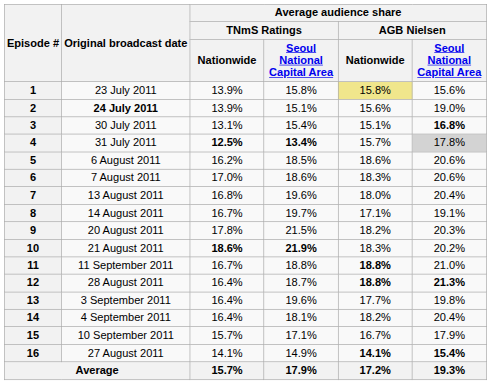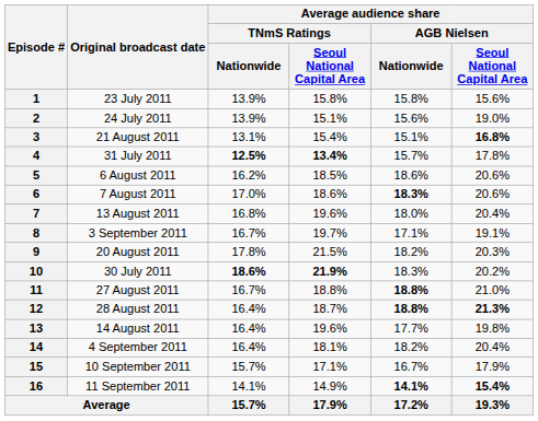 <table class=wikitable style="text-align:center">
 <tr>
 <th rowspan="3">Episode #</th>
 <th rowspan="3">Original broadcast date</th>
 <th colspan="4">Average audience share</th>
 </tr>
 <tr>
 <th colspan="2">TNmS Ratings</th>
 <th colspan="2">AGB Nielsen</th>
 </tr>
 <tr>
 <th width=100>Nationwide</th>
 <th width=100><a href='#'>Seoul National Capital Area</a></th>
 <th width=100>Nationwide</th>
 <th width=100><a href='#'>Seoul National Capital Area</a></th>
 </tr>
 <tr>
 <th>1</th>
 <td>23 July 2011</td>
 <td>13.9%</td>
 <td>15.8%</td>
-<td style="background: khaki;">15.8%</td>
+<td>15.8%</td>
 <td>15.6%</td>
 </tr>
 <tr>
 <th>2</th>
-<td><strong>24 July 2011</strong></td>
+<td>24 July 2011</td>
 <td>13.9%</td>
 <td>15.1%</td>
 <td>15.6%</td>
 <td>19.0%</td>
 </tr>
 <tr>
 <th>3</th>
-<td>30 July 2011</td>
+<td>21 August 2011</td>
 <td>13.1%</td>
 <td>15.4%</td>
 <td>15.1%</td>
 <td><strong>16.8%</strong></td>
 </tr>
 <tr>
 <th>4</th>
 <td>31 July 2011</td>
 <td><span><strong>12.5%</strong></span></td>
 <td><span><strong>13.4%</strong></span></td>
 <td>15.7%</td>
-<td style="background: lightgrey;">17.8%</td>
+<td>17.8%</td>
 </tr>
 <tr>
 <th>5</th>
 <td>6 August 2011</td>
 <td>16.2%</td>
 <td>18.5%</td>
 <td>18.6%</td>
 <td>20.6%</td>
 </tr>
 <tr>
 <th>6</th>
 <td>7 August 2011</td>
 <td>17.0%</td>
 <td>18.6%</td>
-<td>18.3%</td>
+<td><strong>18.3%</strong></td>
 <td>20.6%</td>
 </tr>
 <tr>
 <th>7</th>
 <td>13 August 2011</td>
 <td>16.8%</td>
 <td>19.6%</td>
 <td>18.0%</td>
 <td>20.4%</td>
 </tr>
 <tr>
 <th>8</th>
-<td>14 August 2011</td>
+<td>3 September 2011</td>
 <td>16.7%</td>
 <td>19.7%</td>
 <td>17.1%</td>
 <td>19.1%</td>
 </tr>
 <tr>
 <th>9</th>
 <td>20 August 2011</td>
 <td>17.8%</td>
 <td>21.5%</td>
 <td>18.2%</td>
 <td>20.3%</td>
 </tr>
 <tr>
 <th>10</th>
-<td>21 August 2011</td>
+<td>30 July 2011</td>
 <td><span><strong>18.6%</strong></span></td>
 <td><span><strong>21.9%</strong></span></td>
 <td>18.3%</td>
 <td>20.2%</td>
 </tr>
 <tr>
 <th>11</th>
-<td>11 September 2011</td>
+<td>27 August 2011</td>
 <td>16.7%</td>
 <td>18.8%</td>
 <td><span><strong>18.8%</strong></span></td>
 <td>21.0%</td>
 </tr>
 <tr>
 <th>12</th>
 <td>28 August 2011</td>
 <td>16.4%</td>
 <td>18.7%</td>
 <td><span><strong>18.8%</strong></span></td>
 <td><span><strong>21.3%</strong></span></td>
 </tr>
 <tr>
 <th>13</th>
-<td>3 September 2011</td>
+<td>14 August 2011</td>
 <td>16.4%</td>
 <td>19.6%</td>
 <td>17.7%</td>
 <td>19.8%</td>
 </tr>
 <tr>
 <th>14</th>
 <td>4 September 2011</td>
 <td>16.4%</td>
 <td>18.1%</td>
 <td>18.2%</td>
 <td>20.4%</td>
 </tr>
 <tr>
 <th>15</th>
 <td>10 September 2011</td>
 <td>15.7%</td>
 <td>17.1%</td>
 <td>16.7%</td>
 <td>17.9%</td>
 </tr>
 <tr>
 <th>16</th>
-<td>27 August 2011</td>
+<td>11 September 2011</td>
 <td>14.1%</td>
 <td>14.9%</td>
 <td><span><strong>14.1%</strong></span></td>
 <td><span><strong>15.4%</strong></span></td>
 </tr>
 <tr>
 <th colspan=2>Average</th>
 <th>15.7%</th>
 <th>17.9%</th>
 <th>17.2%</th>
 <th>19.3%</th>
 </tr>
 </table>
